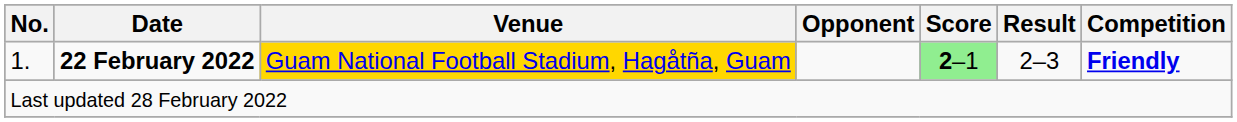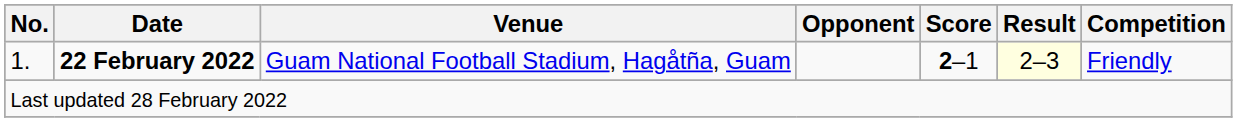 <table class="wikitable" style="font-size:85%;">
 <tr>
 <th>No.</th>
 <th>Date</th>
 <th>Venue</th>
 <th>Opponent</th>
 <th>Score</th>
 <th>Result</th>
 <th>Competition</th>
 </tr>
 <tr>
 <td>1.</td>
 <td><strong>22 February 2022</strong></td>
-<td style="background: gold;"><a href='#'>Guam National Football Stadium</a>, <a href='#'>Hagåtña</a>, <a href='#'>Guam</a></td>
+<td><a href='#'>Guam National Football Stadium</a>, <a href='#'>Hagåtña</a>, <a href='#'>Guam</a></td>
 <td></td>
-<td align=center style="background: lightgreen;"><strong>2</strong>–1</td>
-<td align=center>2–3</td>
-<td><strong><a href='#'>Friendly</a></strong></td>
+<td align=center><strong>2</strong>–1</td>
+<td align=center style="background: lightyellow;">2–3</td>
+<td><a href='#'>Friendly</a></td>
 </tr>
 <tr>
 <td colspan="7"><small>Last updated 28 February 2022</small></td>
 </tr>
 </table>
